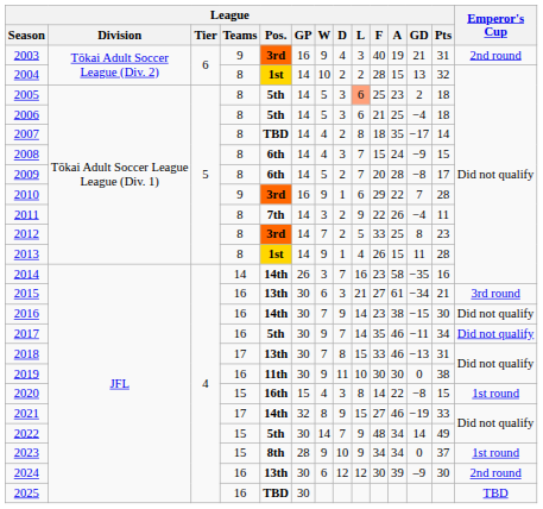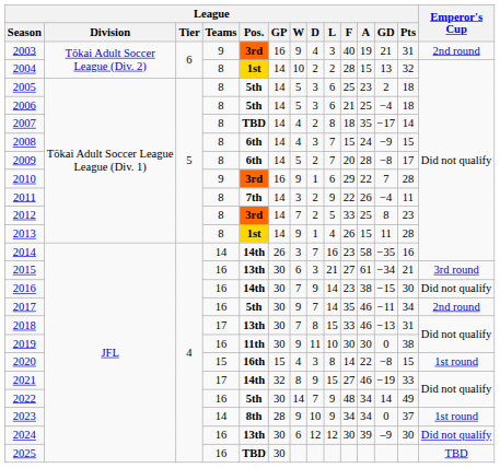 <table class="wikitable" style="text-align: center">
 <tr>
 <th colspan="13">League</th>
 <th rowspan="2"><a href='#'>Emperor's<br>Cup</a></th>
 </tr>
 <tr>
 <th>Season</th>
 <th>Division</th>
 <th>Tier</th>
 <th>Teams</th>
 <th>Pos.</th>
 <th>GP</th>
 <th>W</th>
 <th>D</th>
 <th>L</th>
 <th>F</th>
 <th>A</th>
 <th>GD</th>
 <th>Pts</th>
 </tr>
 <tr>
 <td><a href='#'>2003</a></td>
 <td rowspan="2"><a href='#'>Tōkai Adult Soccer<br>League (Div. 2)</a></td>
 <td rowspan="2">6</td>
 <td>9</td>
 <td bgcolor="ff6600"><strong>3rd</strong></td>
 <td>16</td>
 <td>9</td>
 <td>4</td>
 <td>3</td>
 <td>40</td>
 <td>19</td>
 <td>21</td>
 <td>31</td>
 <td><a href='#'>2nd round</a></td>
 </tr>
 <tr>
 <td><a href='#'>2004</a></td>
 <td>8</td>
 <td bgcolor="gold"><strong>1st</strong></td>
 <td>14</td>
 <td>10</td>
 <td>2</td>
 <td>2</td>
 <td>28</td>
 <td>15</td>
 <td>13</td>
 <td>32</td>
 <td rowspan="11">Did not qualify</td>
 </tr>
 <tr>
 <td><a href='#'>2005</a></td>
 <td rowspan="9">Tōkai Adult Soccer League <br> League (Div. 1)</td>
 <td rowspan="9">5</td>
 <td>8</td>
 <td><strong>5th</strong></td>
 <td>14</td>
 <td>5</td>
 <td>3</td>
-<td style="background: lightsalmon;">6</td>
+<td>6</td>
 <td>25</td>
 <td>23</td>
 <td>2</td>
 <td>18</td>
 </tr>
 <tr>
 <td><a href='#'>2006</a></td>
 <td>8</td>
 <td><strong>5th</strong></td>
 <td>14</td>
 <td>5</td>
 <td>3</td>
 <td>6</td>
 <td>21</td>
 <td>25</td>
 <td>−4</td>
 <td>18</td>
 </tr>
 <tr>
 <td><a href='#'>2007</a></td>
 <td>8</td>
 <td><strong>TBD</strong></td>
 <td>14</td>
 <td>4</td>
 <td>2</td>
 <td>8</td>
 <td>18</td>
 <td>35</td>
 <td>−17</td>
 <td>14</td>
 </tr>
 <tr>
 <td><a href='#'>2008</a></td>
 <td>8</td>
 <td><strong>6th</strong></td>
 <td>14</td>
 <td>4</td>
 <td>3</td>
 <td>7</td>
 <td>15</td>
 <td>24</td>
 <td>−9</td>
 <td>15</td>
 </tr>
 <tr>
 <td><a href='#'>2009</a></td>
 <td>8</td>
 <td><strong>6th</strong></td>
 <td>14</td>
 <td>5</td>
 <td>2</td>
 <td>7</td>
 <td>20</td>
 <td>28</td>
 <td>−8</td>
 <td>17</td>
 </tr>
 <tr>
 <td><a href='#'>2010</a></td>
 <td>9</td>
 <td bgcolor=ff6600><strong>3rd</strong></td>
 <td>16</td>
 <td>9</td>
 <td>1</td>
 <td>6</td>
 <td>29</td>
 <td>22</td>
 <td>7</td>
 <td>28</td>
 </tr>
 <tr>
 <td><a href='#'>2011</a></td>
 <td>8</td>
 <td><strong>7th</strong></td>
 <td>14</td>
 <td>3</td>
 <td>2</td>
 <td>9</td>
 <td>22</td>
 <td>26</td>
 <td>−4</td>
 <td>11</td>
 </tr>
 <tr>
 <td><a href='#'>2012</a></td>
 <td>8</td>
 <td bgcolor=ff6600><strong>3rd</strong></td>
 <td>14</td>
 <td>7</td>
 <td>2</td>
 <td>5</td>
 <td>33</td>
 <td>25</td>
 <td>8</td>
 <td>23</td>
 </tr>
 <tr>
 <td><a href='#'>2013</a></td>
 <td>8</td>
 <td bgcolor="gold"><strong>1st</strong></td>
 <td>14</td>
 <td>9</td>
 <td>1</td>
 <td>4</td>
 <td>26</td>
 <td>15</td>
 <td>11</td>
 <td>28</td>
 </tr>
 <tr>
 <td><a href='#'>2014</a></td>
 <td rowspan="12"><a href='#'>JFL</a></td>
 <td rowspan="12">4</td>
 <td>14</td>
 <td><strong>14th</strong></td>
 <td>26</td>
 <td>3</td>
 <td>7</td>
 <td>16</td>
 <td>23</td>
 <td>58</td>
 <td>−35</td>
 <td>16</td>
 </tr>
 <tr>
 <td><a href='#'>2015</a></td>
 <td>16</td>
 <td><strong>13th</strong></td>
 <td>30</td>
 <td>6</td>
 <td>3</td>
 <td>21</td>
 <td>27</td>
 <td>61</td>
 <td>−34</td>
 <td>21</td>
 <td><a href='#'>3rd round</a></td>
 </tr>
 <tr>
 <td><a href='#'>2016</a></td>
 <td>16</td>
 <td><strong>14th</strong></td>
 <td>30</td>
 <td>7</td>
 <td>9</td>
 <td>14</td>
 <td>23</td>
 <td>38</td>
 <td>−15</td>
 <td>30</td>
 <td>Did not qualify</td>
 </tr>
 <tr>
 <td><a href='#'>2017</a></td>
 <td>16</td>
 <td><strong>5th</strong></td>
 <td>30</td>
 <td>9</td>
 <td>7</td>
 <td>14</td>
 <td>35</td>
 <td>46</td>
 <td>−11</td>
 <td>34</td>
-<td><a href='#'>Did not qualify</a></td>
+<td><a href='#'>2nd round</a></td>
 </tr>
 <tr>
 <td><a href='#'>2018</a></td>
 <td>17</td>
 <td><strong>13th</strong></td>
 <td>30</td>
 <td>7</td>
 <td>8</td>
 <td>15</td>
 <td>33</td>
 <td>46</td>
 <td>−13</td>
 <td>31</td>
 <td rowspan="2">Did not qualify</td>
 </tr>
 <tr>
 <td><a href='#'>2019</a></td>
 <td>16</td>
 <td><strong>11th</strong></td>
 <td>30</td>
 <td>9</td>
 <td>11</td>
 <td>10</td>
 <td>30</td>
 <td>30</td>
 <td>0</td>
 <td>38</td>
 </tr>
 <tr>
 <td><a href='#'>2020</a></td>
 <td>15</td>
 <td><strong>16th</strong></td>
 <td>15</td>
 <td>4</td>
 <td>3</td>
 <td>8</td>
 <td>14</td>
 <td>22</td>
 <td>−8</td>
 <td>15</td>
 <td><a href='#'>1st round</a></td>
 </tr>
 <tr>
 <td><a href='#'>2021</a></td>
 <td>17</td>
 <td><strong>14th</strong></td>
 <td>32</td>
 <td>8</td>
 <td>9</td>
 <td>15</td>
 <td>27</td>
 <td>46</td>
 <td>−19</td>
 <td>33</td>
 <td rowspan="2">Did not qualify</td>
 </tr>
 <tr>
 <td><a href='#'>2022</a></td>
-<td>15</td>
+<td>16</td>
 <td><strong>5th</strong></td>
 <td>30</td>
 <td>14</td>
 <td>7</td>
 <td>9</td>
 <td>48</td>
 <td>34</td>
 <td>14</td>
 <td>49</td>
 </tr>
 <tr>
 <td><a href='#'>2023</a></td>
-<td>15</td>
+<td>14</td>
 <td><strong>8th</strong></td>
 <td>28</td>
 <td>9</td>
 <td>10</td>
 <td>9</td>
 <td>34</td>
 <td>34</td>
 <td>0</td>
 <td>37</td>
 <td><a href='#'>1st round</a></td>
 </tr>
 <tr>
 <td><a href='#'>2024</a></td>
 <td>16</td>
 <td><strong>13th</strong></td>
 <td>30</td>
 <td>6</td>
 <td>12</td>
 <td>12</td>
 <td>30</td>
 <td>39</td>
 <td>–9</td>
 <td>30</td>
-<td><a href='#'>2nd round</a></td>
+<td><a href='#'>Did not qualify</a></td>
 </tr>
 <tr>
 <td><a href='#'>2025</a></td>
 <td>16</td>
 <td><strong>TBD</strong></td>
 <td>30</td>
 <td></td>
 <td></td>
 <td></td>
 <td></td>
 <td></td>
 <td></td>
 <td></td>
 <td><a href='#'>TBD</a></td>
 </tr>
 </table>
